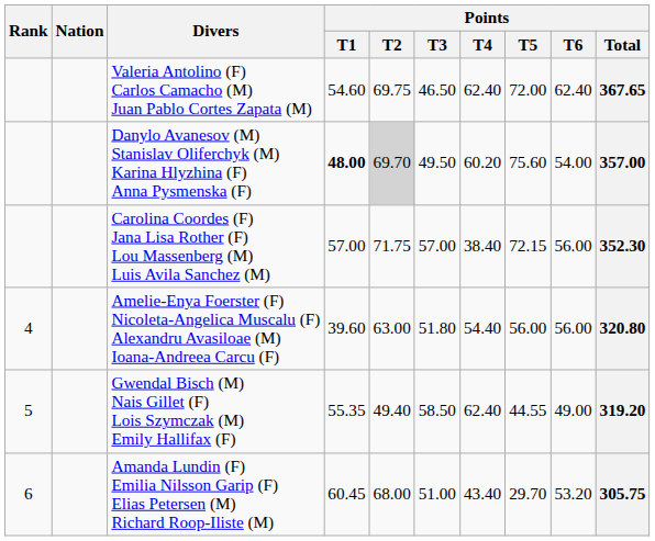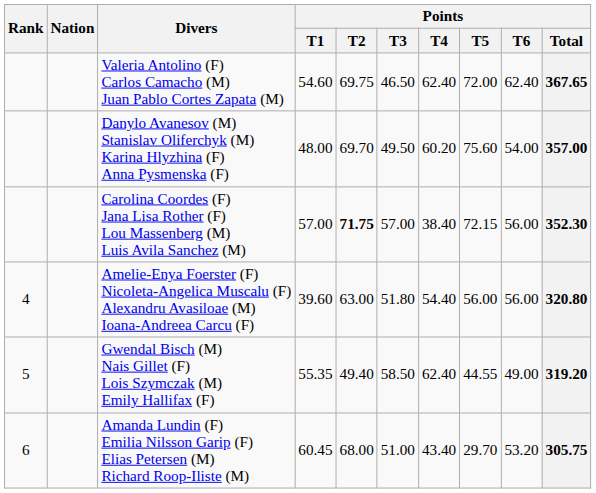 <table class="wikitable" style="text-align:center">
 <tr>
 <th rowspan=2>Rank</th>
 <th rowspan=2>Nation</th>
 <th rowspan=2>Divers</th>
 <th colspan=7>Points</th>
 </tr>
 <tr>
 <th>T1</th>
 <th>T2</th>
 <th>T3</th>
 <th>T4</th>
 <th>T5</th>
 <th>T6</th>
 <th>Total</th>
 </tr>
 <tr>
 <td></td>
 <td align=left></td>
 <td align=left><a href='#'>Valeria Antolino</a> (F)<br><a href='#'>Carlos Camacho</a> (M)<br><a href='#'>Juan Pablo Cortes Zapata</a> (M)</td>
 <td>54.60</td>
 <td>69.75</td>
 <td>46.50</td>
 <td>62.40</td>
 <td>72.00</td>
 <td>62.40</td>
 <th>367.65</th>
 </tr>
 <tr>
 <td></td>
 <td align=left></td>
 <td align=left><a href='#'>Danylo Avanesov</a> (M)<br><a href='#'>Stanislav Oliferchyk</a> (M)<br><a href='#'>Karina Hlyzhina</a> (F)<br><a href='#'>Anna Pysmenska</a> (F)</td>
-<td><strong>48.00</strong></td>
-<td style="background: lightgrey;">69.70</td>
+<td>48.00</td>
+<td>69.70</td>
 <td>49.50</td>
 <td>60.20</td>
 <td>75.60</td>
 <td>54.00</td>
 <th>357.00</th>
 </tr>
 <tr>
 <td></td>
 <td align=left></td>
 <td align=left><a href='#'>Carolina Coordes</a> (F)<br><a href='#'>Jana Lisa Rother</a> (F)<br><a href='#'>Lou Massenberg</a> (M)<br><a href='#'>Luis Avila Sanchez</a> (M)</td>
 <td>57.00</td>
-<td>71.75</td>
+<td><strong>71.75</strong></td>
 <td>57.00</td>
 <td>38.40</td>
 <td>72.15</td>
 <td>56.00</td>
 <th>352.30</th>
 </tr>
 <tr>
 <td>4</td>
 <td align=left></td>
 <td align=left><a href='#'>Amelie-Enya Foerster</a> (F)<br><a href='#'>Nicoleta-Angelica Muscalu</a> (F)<br><a href='#'>Alexandru Avasiloae</a> (M)<br><a href='#'>Ioana-Andreea Carcu</a> (F)</td>
 <td>39.60</td>
 <td>63.00</td>
 <td>51.80</td>
 <td>54.40</td>
 <td>56.00</td>
 <td>56.00</td>
 <th>320.80</th>
 </tr>
 <tr>
 <td>5</td>
 <td align=left></td>
 <td align=left><a href='#'>Gwendal Bisch</a> (M)<br><a href='#'>Nais Gillet</a> (F)<br><a href='#'>Lois Szymczak</a> (M)<br><a href='#'>Emily Hallifax</a> (F)</td>
 <td>55.35</td>
 <td>49.40</td>
 <td>58.50</td>
 <td>62.40</td>
 <td>44.55</td>
 <td>49.00</td>
 <th>319.20</th>
 </tr>
 <tr>
 <td>6</td>
 <td align=left></td>
 <td align=left><a href='#'>Amanda Lundin</a> (F)<br><a href='#'>Emilia Nilsson Garip</a> (F)<br><a href='#'>Elias Petersen</a> (M)<br><a href='#'>Richard Roop-Iliste</a> (M)</td>
 <td>60.45</td>
 <td>68.00</td>
 <td>51.00</td>
 <td>43.40</td>
 <td>29.70</td>
 <td>53.20</td>
 <th>305.75</th>
 </tr>
 </table>
